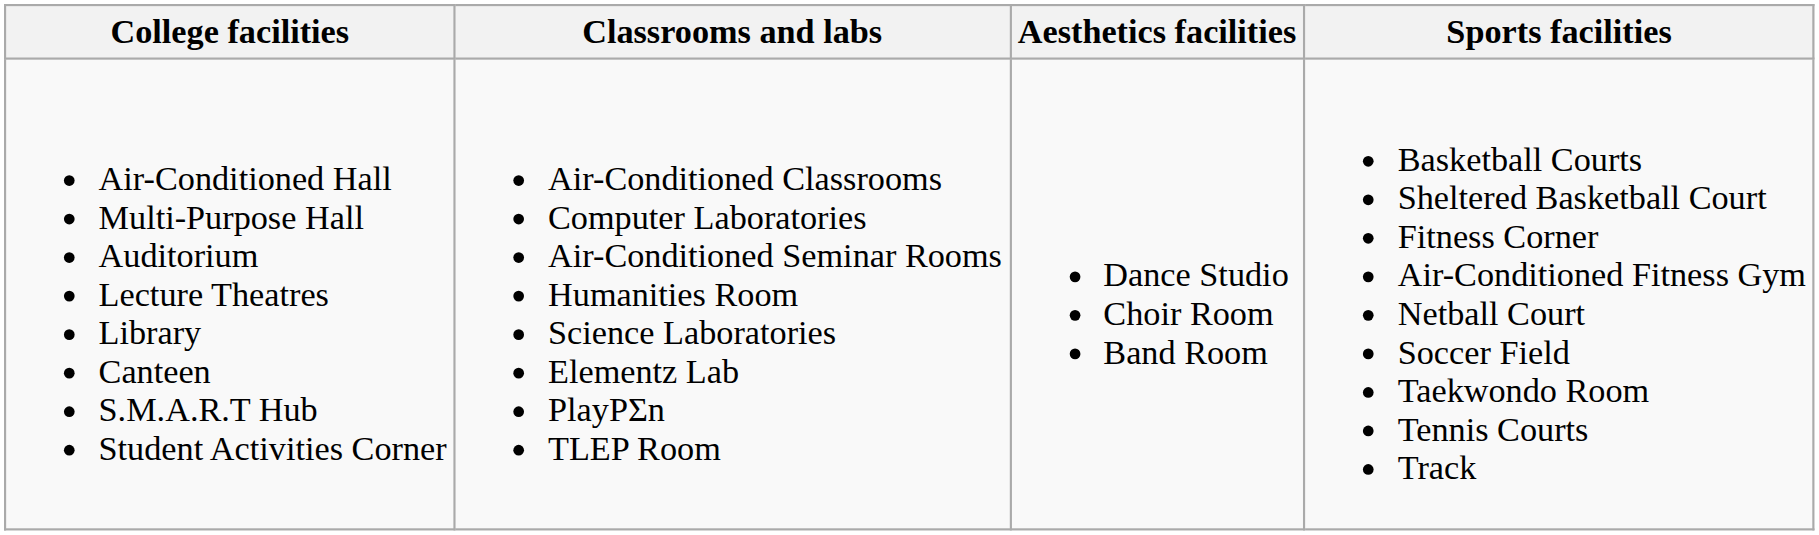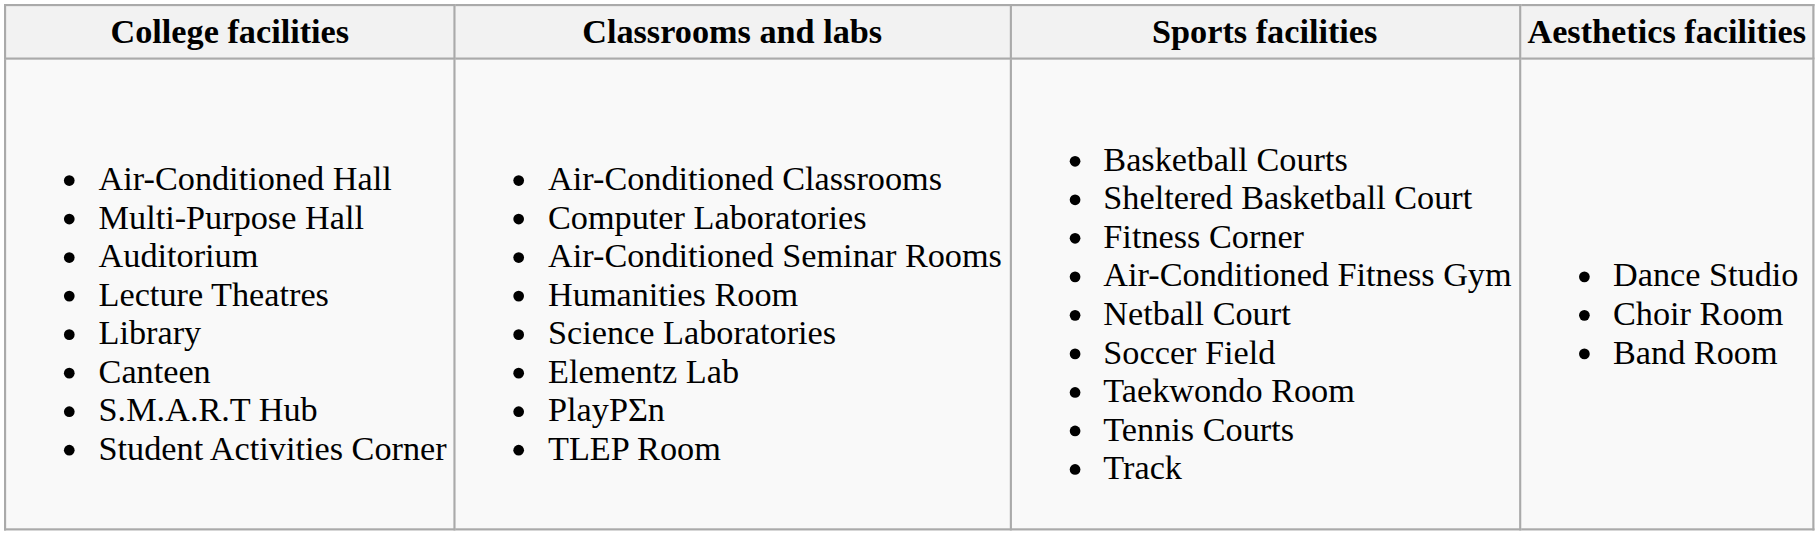 <table class="wikitable" border="1">
 <tr>
 <th>College facilities</th>
 <th>Classrooms and labs</th>
+<th>Sports facilities</th>
 <th>Aesthetics facilities</th>
-<th>Sports facilities</th>
 </tr>
 <tr>
 <td><br><ul><li>Air-Conditioned Hall</li><li>Multi-Purpose Hall</li><li>Auditorium</li><li>Lecture Theatres</li><li>Library</li><li>Canteen</li><li>S.M.A.R.T Hub</li><li>Student Activities Corner</li></ul></td>
 <td><br><ul><li>Air-Conditioned Classrooms</li><li>Computer Laboratories</li><li>Air-Conditioned Seminar Rooms</li><li>Humanities Room</li><li>Science Laboratories</li><li>Elementz Lab</li><li>PlayPΣn</li><li>TLEP Room</li></ul></td>
+<td><br><ul><li>Basketball Courts</li><li>Sheltered Basketball Court</li><li>Fitness Corner</li><li>Air-Conditioned Fitness Gym</li><li>Netball Court</li><li>Soccer Field</li><li>Taekwondo Room</li><li>Tennis Courts</li><li>Track</li></ul></td>
 <td><br><ul><li>Dance Studio</li><li>Choir Room</li><li>Band Room</li></ul></td>
-<td><br><ul><li>Basketball Courts</li><li>Sheltered Basketball Court</li><li>Fitness Corner</li><li>Air-Conditioned Fitness Gym</li><li>Netball Court</li><li>Soccer Field</li><li>Taekwondo Room</li><li>Tennis Courts</li><li>Track</li></ul></td>
 </tr>
 </table>
